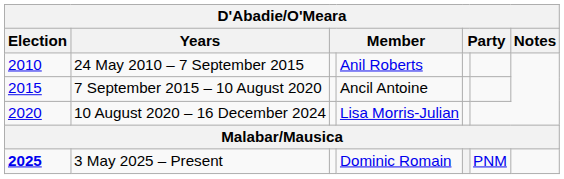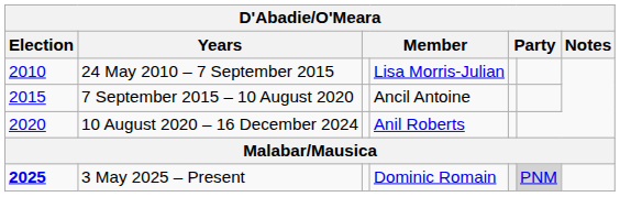 <table class="wikitable sortable">
 <tr>
 <th colspan="7">D'Abadie/O'Meara</th>
 </tr>
 <tr>
 <th>Election</th>
 <th>Years</th>
 <th colspan="2">Member</th>
 <th colspan="2">Party</th>
 <th>Notes</th>
 </tr>
 <tr>
 <td><a href='#'>2010</a></td>
 <td>24 May 2010 – 7 September 2015</td>
 <td></td>
-<td><a href='#'>Anil Roberts</a></td>
+<td><a href='#'>Lisa Morris-Julian</a></td>
 <td></td>
 <td></td>
 </tr>
 <tr>
 <td><a href='#'>2015</a></td>
 <td>7 September 2015 – 10 August 2020</td>
 <td></td>
 <td>Ancil Antoine</td>
 <td></td>
 <td></td>
 </tr>
 <tr>
 <td><a href='#'>2020</a></td>
 <td>10 August 2020 – 16 December 2024</td>
 <td></td>
-<td><a href='#'>Lisa Morris-Julian</a></td>
+<td><a href='#'>Anil Roberts</a></td>
 <td></td>
 </tr>
 <tr>
 <th colspan="7">Malabar/Mausica</th>
 </tr>
 <tr>
 <td><strong><a href='#'>2025</a></strong></td>
 <td>3 May 2025 – Present</td>
 <td></td>
 <td><a href='#'>Dominic Romain</a></td>
 <th style="background-color: "></th>
-<td><a href='#'>PNM</a></td>
+<td style="background: lightgrey;"><a href='#'>PNM</a></td>
 <td></td>
 </tr>
 </table>
